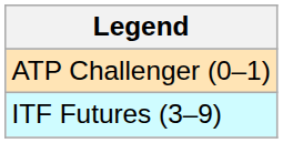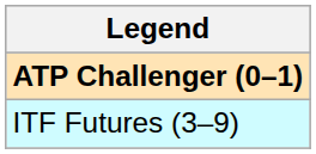 <table class=wikitable style=font-size:97%>
 <tr>
 <th>Legend</th>
 </tr>
 <tr bgcolor=moccasin>
-<td>ATP Challenger (0–1)</td>
+<td><strong>ATP Challenger (0–1)</strong></td>
 </tr>
 <tr bgcolor=cffcff>
 <td>ITF Futures (3–9)</td>
 </tr>
 </table>
